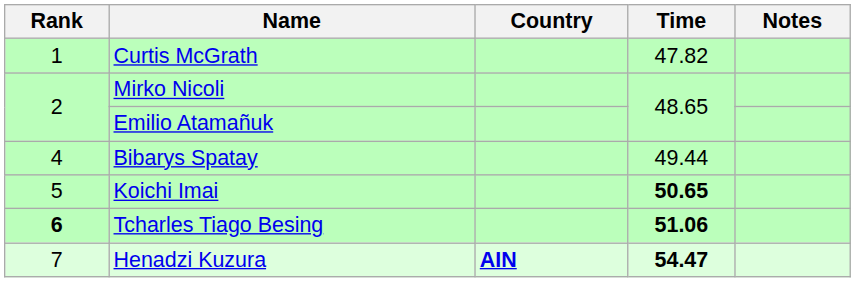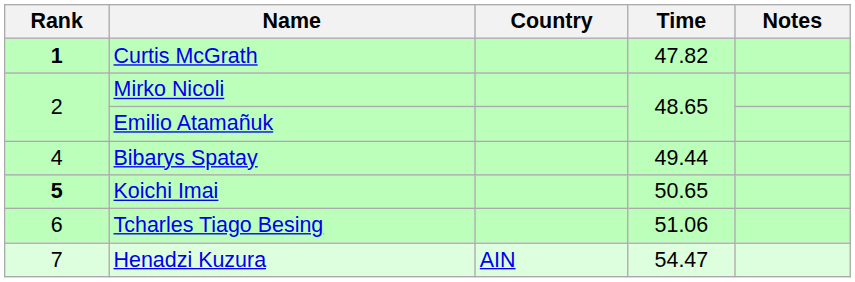 <table class="wikitable" style="text-align:center;width: 50%">
 <tr>
 <th>Rank</th>
 <th>Name</th>
 <th>Country</th>
 <th>Time</th>
 <th>Notes</th>
 </tr>
 <tr bgcolor=bbffbb>
-<td>1</td>
+<td><strong>1</strong></td>
 <td align="left"><a href='#'>Curtis McGrath</a></td>
 <td align="left"></td>
 <td>47.82</td>
 <td></td>
 </tr>
 <tr bgcolor=bbffbb>
 <td rowspan=2>2</td>
 <td align="left"><a href='#'>Mirko Nicoli</a></td>
 <td align="left"></td>
 <td rowspan=2>48.65</td>
 <td></td>
 </tr>
 <tr bgcolor=bbffbb>
 <td align="left"><a href='#'>Emilio Atamañuk</a></td>
 <td align="left"></td>
 <td></td>
 </tr>
 <tr bgcolor=bbffbb>
 <td>4</td>
 <td align="left"><a href='#'>Bibarys Spatay</a></td>
 <td align="left"></td>
 <td>49.44</td>
 <td></td>
 </tr>
 <tr bgcolor=bbffbb>
-<td>5</td>
+<td><strong>5</strong></td>
 <td align="left"><a href='#'>Koichi Imai</a></td>
 <td align="left"></td>
-<td><strong>50.65</strong></td>
+<td>50.65</td>
 <td></td>
 </tr>
 <tr bgcolor=bbffbb>
-<td><strong>6</strong></td>
+<td>6</td>
 <td align="left"><a href='#'>Tcharles Tiago Besing</a></td>
 <td align="left"></td>
-<td><strong>51.06</strong></td>
+<td>51.06</td>
 <td></td>
 </tr>
 <tr bgcolor=ddffdd>
 <td>7</td>
 <td align="left"><a href='#'>Henadzi Kuzura</a></td>
-<td align="left"><strong> <a href='#'>AIN</a></strong></td>
-<td><strong>54.47</strong></td>
+<td align="left"> <a href='#'>AIN</a></td>
+<td>54.47</td>
 <td></td>
 </tr>
 </table>
